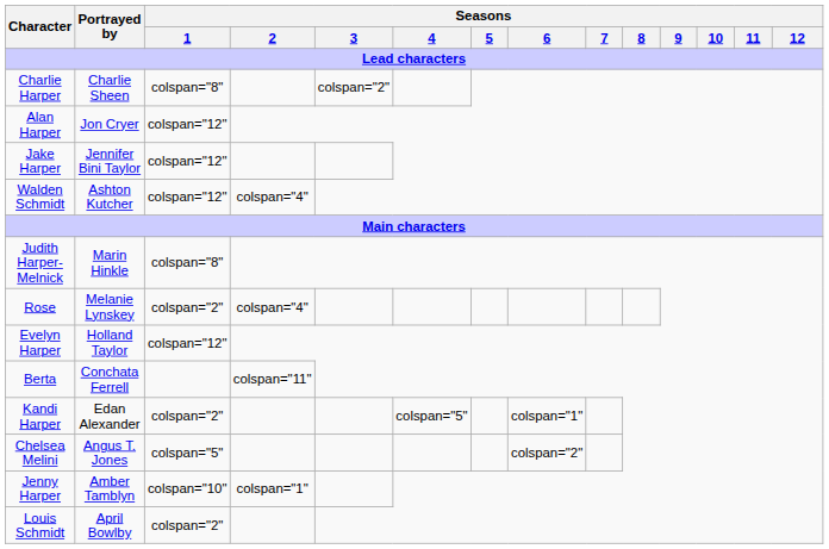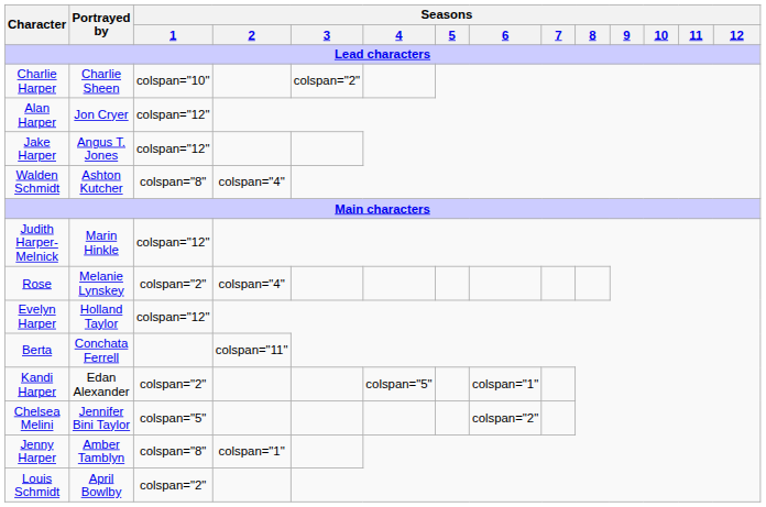 <table class="wikitable plainrowheaders" style="text-align:center; font-size:90%;">
 <tr>
 <th rowspan="2">Character</th>
 <th rowspan="2">Portrayed by</th>
 <th colspan="12">Seasons</th>
 </tr>
 <tr>
 <th scope="col" style="width:35px;"><a href='#'>1</a></th>
 <th scope="col" style="width:35px;"><a href='#'>2</a></th>
 <th scope="col" style="width:35px;"><a href='#'>3</a></th>
 <th scope="col" style="width:35px;"><a href='#'>4</a></th>
 <th scope="col" style="width:35px;"><a href='#'>5</a></th>
 <th scope="col" style="width:35px;"><a href='#'>6</a></th>
 <th scope="col" style="width:35px;"><a href='#'>7</a></th>
 <th scope="col" style="width:35px;"><a href='#'>8</a></th>
 <th scope="col" style="width:35px;"><a href='#'>9</a></th>
 <th scope="col" style="width:35px;"><a href='#'>10</a></th>
 <th scope="col" style="width:35px;"><a href='#'>11</a></th>
 <th scope="col" style="width:50px;"><a href='#'>12</a></th>
 </tr>
 <tr>
 <th colspan="14" style="background:#ccf;"><a href='#'>Lead characters</a></th>
 </tr>
 <tr>
 <td scope="row"><a href='#'>Charlie Harper</a></td>
 <td><a href='#'>Charlie Sheen</a></td>
-<td>colspan="8" </td>
+<td>colspan="10" </td>
 <td></td>
 <td>colspan="2" </td>
 <td></td>
 </tr>
 <tr>
 <td scope="row"><a href='#'>Alan Harper</a></td>
 <td><a href='#'>Jon Cryer</a></td>
 <td>colspan="12" </td>
 </tr>
 <tr>
 <td scope="row"><a href='#'>Jake Harper</a></td>
-<td><a href='#'>Jennifer Bini Taylor</a></td>
+<td><a href='#'>Angus T. Jones</a></td>
 <td>colspan="12" </td>
 <td></td>
 <td></td>
 </tr>
 <tr>
 <td scope="row"><a href='#'>Walden Schmidt</a></td>
 <td><a href='#'>Ashton Kutcher</a></td>
-<td>colspan="12" </td>
+<td>colspan="8" </td>
 <td>colspan="4" </td>
 </tr>
 <tr>
 <th colspan="14" style="background:#ccf;"><a href='#'>Main characters</a></th>
 </tr>
 <tr>
 <td scope="row"><a href='#'>Judith Harper-Melnick</a></td>
 <td><a href='#'>Marin Hinkle</a></td>
-<td>colspan="8" </td>
+<td>colspan="12" </td>
 </tr>
 <tr>
 <td scope="row"><a href='#'>Rose</a></td>
 <td><a href='#'>Melanie Lynskey</a></td>
 <td>colspan="2" </td>
 <td>colspan="4" </td>
 <td></td>
 <td></td>
 <td></td>
 <td></td>
 <td></td>
 <td></td>
 </tr>
 <tr>
 <td scope="row"><a href='#'>Evelyn Harper</a></td>
 <td><a href='#'>Holland Taylor</a></td>
 <td>colspan="12" </td>
 </tr>
 <tr>
 <td scope="row"><a href='#'>Berta</a></td>
 <td><a href='#'>Conchata Ferrell</a></td>
 <td></td>
 <td>colspan="11" </td>
 </tr>
 <tr>
 <td scope="row"><a href='#'>Kandi Harper</a></td>
 <td>Edan Alexander</td>
 <td>colspan="2" </td>
 <td></td>
 <td></td>
 <td>colspan="5" </td>
 <td></td>
 <td>colspan="1" </td>
 <td></td>
 </tr>
 <tr>
 <td scope="row"><a href='#'>Chelsea Melini</a></td>
-<td><a href='#'>Angus T. Jones</a></td>
+<td><a href='#'>Jennifer Bini Taylor</a></td>
 <td>colspan="5" </td>
 <td></td>
 <td></td>
 <td></td>
 <td></td>
 <td>colspan="2" </td>
 <td></td>
 </tr>
 <tr>
 <td scope="row"><a href='#'>Jenny Harper</a></td>
 <td><a href='#'>Amber Tamblyn</a></td>
-<td>colspan="10" </td>
+<td>colspan="8" </td>
 <td>colspan="1" </td>
 <td></td>
 </tr>
 <tr>
 <td scope="row"><a href='#'>Louis Schmidt</a></td>
 <td><a href='#'>April Bowlby</a></td>
 <td>colspan="2" </td>
 <td></td>
 </tr>
 </table>
